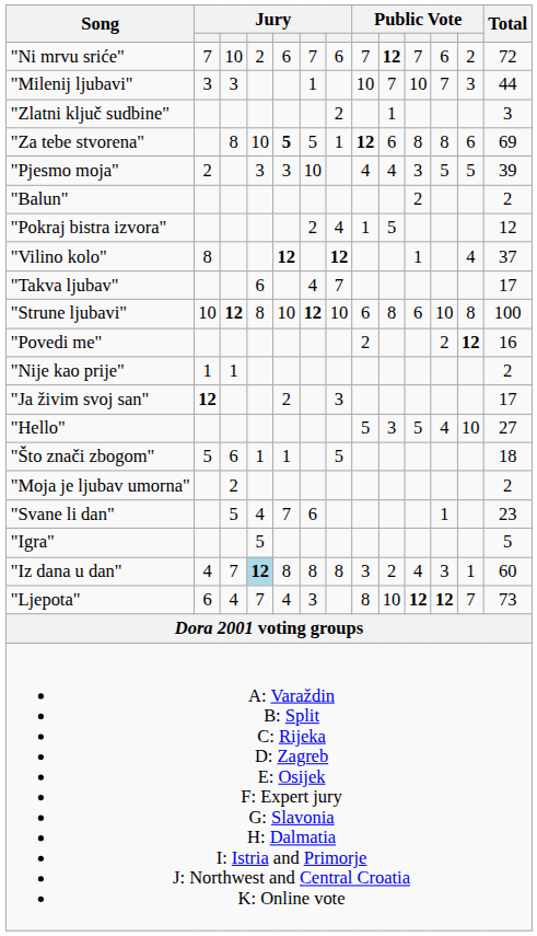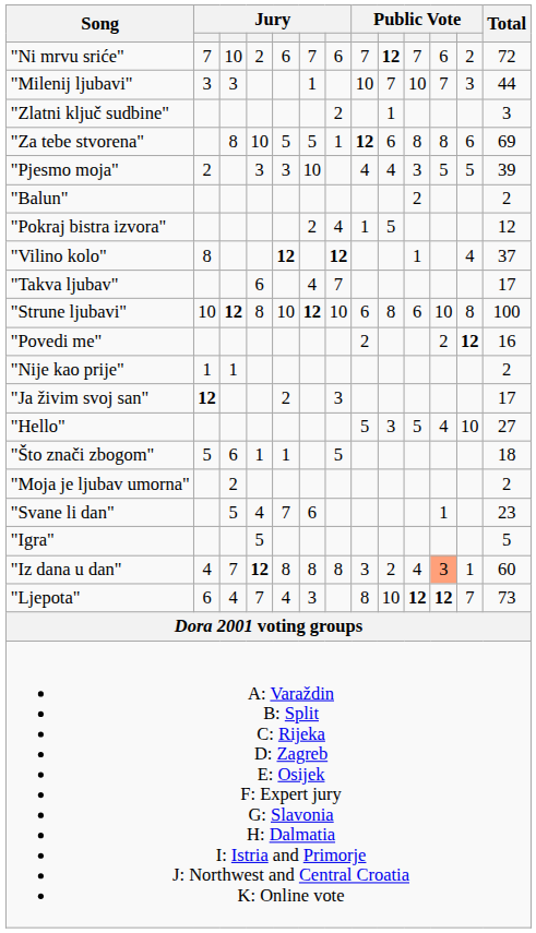 <table class="wikitable collapsible" style="margin: 1em auto 1em auto; text-align:center;">
 <tr>
 <th rowspan="2">Song</th>
 <th colspan="6">Jury</th>
 <th colspan="5">Public Vote</th>
 <th rowspan="2">Total</th>
 </tr>
 <tr>
 <th></th>
 <th></th>
 <th></th>
 <th></th>
 <th></th>
 <th></th>
 <th></th>
 <th></th>
 <th></th>
 <th></th>
 <th></th>
 </tr>
 <tr>
 <td align="left">"Ni mrvu sriće"</td>
 <td>7</td>
 <td>10</td>
 <td>2</td>
 <td>6</td>
 <td>7</td>
 <td>6</td>
 <td>7</td>
 <td><strong>12</strong></td>
 <td>7</td>
 <td>6</td>
 <td>2</td>
 <td>72</td>
 </tr>
 <tr>
 <td align="left">"Milenij ljubavi"</td>
 <td>3</td>
 <td>3</td>
 <td></td>
 <td></td>
 <td>1</td>
 <td></td>
 <td>10</td>
 <td>7</td>
 <td>10</td>
 <td>7</td>
 <td>3</td>
 <td>44</td>
 </tr>
 <tr>
 <td align="left">"Zlatni ključ sudbine"</td>
 <td></td>
 <td></td>
 <td></td>
 <td></td>
 <td></td>
 <td>2</td>
 <td></td>
 <td>1</td>
 <td></td>
 <td></td>
 <td></td>
 <td>3</td>
 </tr>
 <tr>
 <td align="left">"Za tebe stvorena"</td>
 <td></td>
 <td>8</td>
 <td>10</td>
-<td><strong>5</strong></td>
+<td>5</td>
 <td>5</td>
 <td>1</td>
 <td><strong>12</strong></td>
 <td>6</td>
 <td>8</td>
 <td>8</td>
 <td>6</td>
 <td>69</td>
 </tr>
 <tr>
 <td align="left">"Pjesmo moja"</td>
 <td>2</td>
 <td></td>
 <td>3</td>
 <td>3</td>
 <td>10</td>
 <td></td>
 <td>4</td>
 <td>4</td>
 <td>3</td>
 <td>5</td>
 <td>5</td>
 <td>39</td>
 </tr>
 <tr>
 <td align="left">"Balun"</td>
 <td></td>
 <td></td>
 <td></td>
 <td></td>
 <td></td>
 <td></td>
 <td></td>
 <td></td>
 <td>2</td>
 <td></td>
 <td></td>
 <td>2</td>
 </tr>
 <tr>
 <td align="left">"Pokraj bistra izvora"</td>
 <td></td>
 <td></td>
 <td></td>
 <td></td>
 <td>2</td>
 <td>4</td>
 <td>1</td>
 <td>5</td>
 <td></td>
 <td></td>
 <td></td>
 <td>12</td>
 </tr>
 <tr>
 <td align="left">"Vilino kolo"</td>
 <td>8</td>
 <td></td>
 <td></td>
 <td><strong>12</strong></td>
 <td></td>
 <td><strong>12</strong></td>
 <td></td>
 <td></td>
 <td>1</td>
 <td></td>
 <td>4</td>
 <td>37</td>
 </tr>
 <tr>
 <td align="left">"Takva ljubav"</td>
 <td></td>
 <td></td>
 <td>6</td>
 <td></td>
 <td>4</td>
 <td>7</td>
 <td></td>
 <td></td>
 <td></td>
 <td></td>
 <td></td>
 <td>17</td>
 </tr>
 <tr>
 <td align="left">"Strune ljubavi"</td>
 <td>10</td>
 <td><strong>12</strong></td>
 <td>8</td>
 <td>10</td>
 <td><strong>12</strong></td>
 <td>10</td>
 <td>6</td>
 <td>8</td>
 <td>6</td>
 <td>10</td>
 <td>8</td>
 <td>100</td>
 </tr>
 <tr>
 <td align="left">"Povedi me"</td>
 <td></td>
 <td></td>
 <td></td>
 <td></td>
 <td></td>
 <td></td>
 <td>2</td>
 <td></td>
 <td></td>
 <td>2</td>
 <td><strong>12</strong></td>
 <td>16</td>
 </tr>
 <tr>
 <td align="left">"Nije kao prije"</td>
 <td>1</td>
 <td>1</td>
 <td></td>
 <td></td>
 <td></td>
 <td></td>
 <td></td>
 <td></td>
 <td></td>
 <td></td>
 <td></td>
 <td>2</td>
 </tr>
 <tr>
 <td align="left">"Ja živim svoj san"</td>
 <td><strong>12</strong></td>
 <td></td>
 <td></td>
 <td>2</td>
 <td></td>
 <td>3</td>
 <td></td>
 <td></td>
 <td></td>
 <td></td>
 <td></td>
 <td>17</td>
 </tr>
 <tr>
 <td align="left">"Hello"</td>
 <td></td>
 <td></td>
 <td></td>
 <td></td>
 <td></td>
 <td></td>
 <td>5</td>
 <td>3</td>
 <td>5</td>
 <td>4</td>
 <td>10</td>
 <td>27</td>
 </tr>
 <tr>
 <td align="left">"Što znači zbogom"</td>
 <td>5</td>
 <td>6</td>
 <td>1</td>
 <td>1</td>
 <td></td>
 <td>5</td>
 <td></td>
 <td></td>
 <td></td>
 <td></td>
 <td></td>
 <td>18</td>
 </tr>
 <tr>
 <td align="left">"Moja je ljubav umorna"</td>
 <td></td>
 <td>2</td>
 <td></td>
 <td></td>
 <td></td>
 <td></td>
 <td></td>
 <td></td>
 <td></td>
 <td></td>
 <td></td>
 <td>2</td>
 </tr>
 <tr>
 <td align="left">"Svane li dan"</td>
 <td></td>
 <td>5</td>
 <td>4</td>
 <td>7</td>
 <td>6</td>
 <td></td>
 <td></td>
 <td></td>
 <td></td>
 <td>1</td>
 <td></td>
 <td>23</td>
 </tr>
 <tr>
 <td align="left">"Igra"</td>
 <td></td>
 <td></td>
 <td>5</td>
 <td></td>
 <td></td>
 <td></td>
 <td></td>
 <td></td>
 <td></td>
 <td></td>
 <td></td>
 <td>5</td>
 </tr>
 <tr>
 <td align="left">"Iz dana u dan"</td>
 <td>4</td>
 <td>7</td>
-<td style="background: lightblue;"><strong>12</strong></td>
+<td><strong>12</strong></td>
 <td>8</td>
 <td>8</td>
 <td>8</td>
 <td>3</td>
 <td>2</td>
 <td>4</td>
-<td>3</td>
+<td style="background: lightsalmon;">3</td>
 <td>1</td>
 <td>60</td>
 </tr>
 <tr>
 <td align="left">"Ljepota"</td>
 <td>6</td>
 <td>4</td>
 <td>7</td>
 <td>4</td>
 <td>3</td>
 <td></td>
 <td>8</td>
 <td>10</td>
 <td><strong>12</strong></td>
 <td><strong>12</strong></td>
 <td>7</td>
 <td>73</td>
 </tr>
 <tr>
 <th colspan="14"><em>Dora 2001</em> voting groups</th>
 </tr>
 <tr>
 <td colspan="14"><br><ul><li>A: <a href='#'>Varaždin</a></li><li>B: <a href='#'>Split</a></li><li>C: <a href='#'>Rijeka</a></li><li>D: <a href='#'>Zagreb</a></li><li>E: <a href='#'>Osijek</a></li><li>F: Expert jury</li><li>G: <a href='#'>Slavonia</a></li><li>H: <a href='#'>Dalmatia</a></li><li>I: <a href='#'>Istria</a> and <a href='#'>Primorje</a></li><li>J: Northwest and <a href='#'>Central Croatia</a></li><li>K: Online vote</li></ul></td>
 </tr>
 </table>
